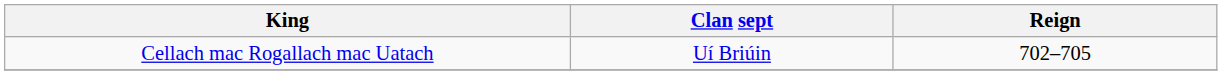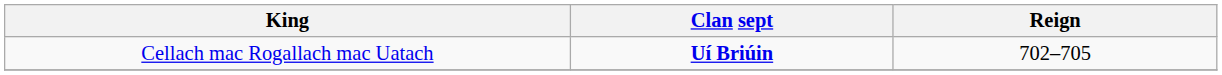 <table width=75% class="wikitable">
 <tr>
 <th width=35%>King</th>
 <th width=20%><a href='#'>Clan</a> <a href='#'>sept</a></th>
 <th width=20%>Reign</th>
 </tr>
 <tr>
 <td align="center"><a href='#'>Cellach mac Rogallach mac Uatach</a></td>
-<td align="center"><a href='#'>Uí Briúin</a></td>
+<td align="center"><strong><a href='#'>Uí Briúin</a></strong></td>
 <td align="center">702–705</td>
 </tr>
 <tr>
 </tr>
 </table>
